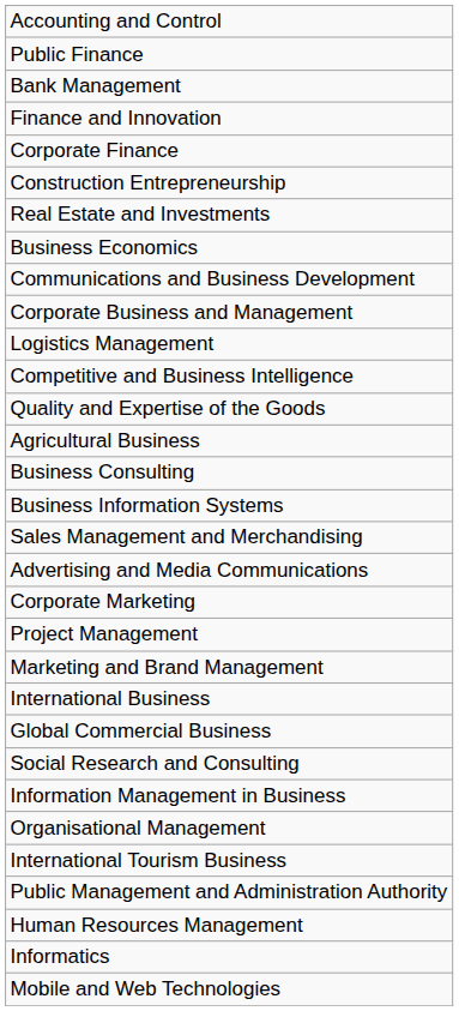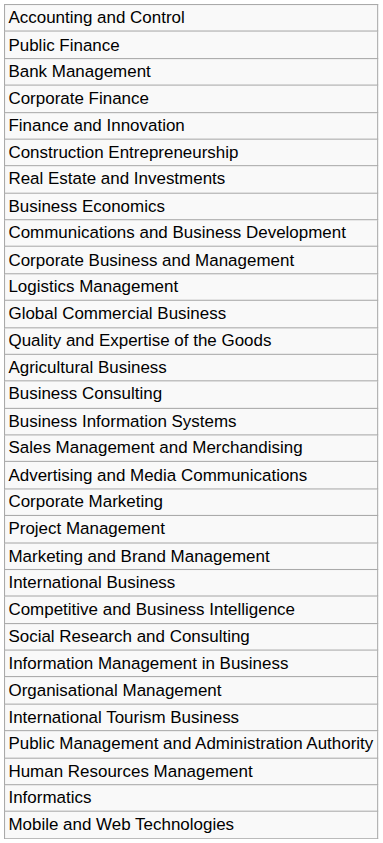 <table class="wikitable">
 <tr>
 <td>Accounting and Control</td>
 </tr>
 <tr>
 <td>Public Finance</td>
 </tr>
 <tr>
 <td>Bank Management</td>
 </tr>
 <tr>
-<td>Finance and Innovation</td>
+<td>Corporate Finance</td>
 </tr>
 <tr>
-<td>Corporate Finance</td>
+<td>Finance and Innovation</td>
 </tr>
 <tr>
 <td>Construction Entrepreneurship</td>
 </tr>
 <tr>
 <td>Real Estate and Investments</td>
 </tr>
 <tr>
 <td>Business Economics</td>
 </tr>
 <tr>
 <td>Communications and Business Development</td>
 </tr>
 <tr>
 <td>Corporate Business and Management</td>
 </tr>
 <tr>
 <td>Logistics Management</td>
 </tr>
 <tr>
-<td>Competitive and Business Intelligence</td>
+<td>Global Commercial Business</td>
 </tr>
 <tr>
 <td>Quality and Expertise of the Goods</td>
 </tr>
 <tr>
 <td>Agricultural Business</td>
 </tr>
 <tr>
 <td>Business Consulting</td>
 </tr>
 <tr>
 <td>Business Information Systems</td>
 </tr>
 <tr>
 <td>Sales Management and Merchandising</td>
 </tr>
 <tr>
 <td>Advertising and Media Communications</td>
 </tr>
 <tr>
 <td>Corporate Marketing</td>
 </tr>
 <tr>
 <td>Project Management</td>
 </tr>
 <tr>
 <td>Marketing and Brand Management</td>
 </tr>
 <tr>
 <td>International Business</td>
 </tr>
 <tr>
-<td>Global Commercial Business</td>
+<td>Competitive and Business Intelligence</td>
 </tr>
 <tr>
 <td>Social Research and Consulting</td>
 </tr>
 <tr>
 <td>Information Management in Business</td>
 </tr>
 <tr>
 <td>Organisational Management</td>
 </tr>
 <tr>
 <td>International Tourism Business</td>
 </tr>
 <tr>
 <td>Public Management and Administration Authority</td>
 </tr>
 <tr>
 <td>Human Resources Management</td>
 </tr>
 <tr>
 <td>Informatics</td>
 </tr>
 <tr>
 <td>Mobile and Web Technologies</td>
 </tr>
 </table>
